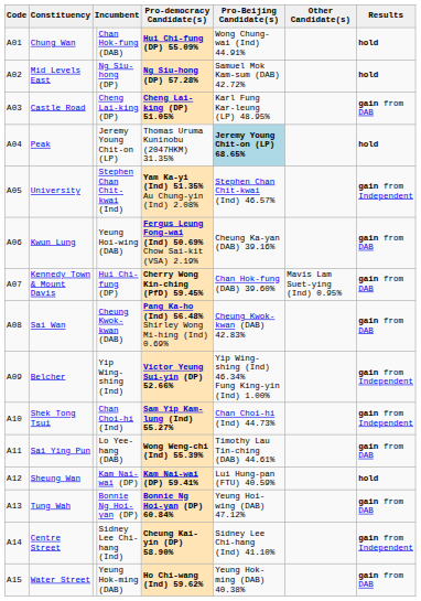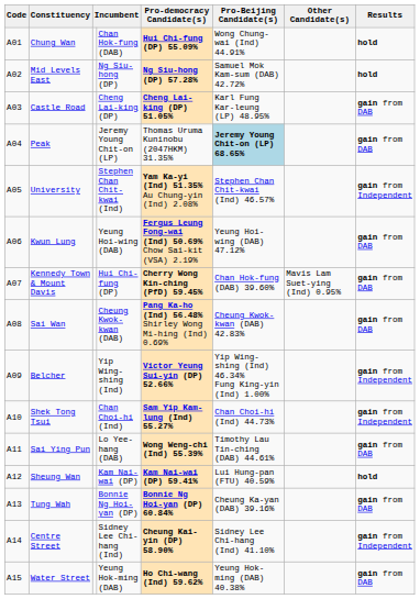 <table class="wikitable sortable" style="font-size: 95%;">
 <tr>
 <th align="center" style="background:#f0f0f0;" width="20px">Code</th>
 <th align="center" style="background:#f0f0f0;" width="90px">Constituency</th>
 <th align="center" style="background:#f0f0f0;" width="120px" colspan="2">Incumbent</th>
 <th align="center" style="background:#f0f0f0;" width="160px">Pro-democracy Candidate(s)</th>
 <th align="center" style="background:#f0f0f0;" width="160px">Pro-Beijing Candidate(s)</th>
 <th align="center" style="background:#f0f0f0;" width="160px">Other Candidate(s)</th>
 <th align="center" style="background:#f0f0f0;" width="100px" colspan="2">Results</th>
 </tr>
 <tr>
 <td>A01</td>
 <td><a href='#'>Chung Wan</a></td>
 <td></td>
 <td><a href='#'>Chan Hok-fung</a> (DAB)</td>
 <td style="background-color:Moccasin"><strong><a href='#'>Hui Chi-fung</a> (DP) 55.09%</strong></td>
 <td>Wong Chung-wai (Ind) 44.91%</td>
 <td></td>
 <td> <strong>hold</strong></td>
 </tr>
 <tr>
 <td>A02</td>
 <td><a href='#'>Mid Levels East</a></td>
 <td></td>
 <td><a href='#'>Ng Siu-hong</a> (DP)</td>
 <td style="background-color:Moccasin"><strong><a href='#'>Ng Siu-hong</a> (DP) 57.28%</strong></td>
 <td>Samuel Mok Kam-sum (DAB) 42.72%</td>
 <td></td>
 <td> <strong>hold</strong></td>
 </tr>
 <tr>
 <td>A03</td>
 <td><a href='#'>Castle Road</a></td>
 <td></td>
 <td><a href='#'>Cheng Lai-king</a> (DP)</td>
 <td style="background-color:Moccasin"><strong><a href='#'>Cheng Lai-king</a> (DP) 51.05%</strong></td>
 <td>Karl Fung Kar-leung (LP) 48.95%</td>
 <td></td>
 <td> <strong>gain</strong> from <a href='#'>DAB</a></td>
 </tr>
 <tr>
 <td>A04</td>
 <td><a href='#'>Peak</a></td>
 <td></td>
 <td>Jeremy Young Chit-on (LP)</td>
 <td>Thomas Uruma Kuninobu (2047HKM) 31.35%</td>
 <td style="background-color:LightBlue"><strong>Jeremy Young Chit-on (LP) 68.65%</strong></td>
 <td></td>
-<td> <strong>hold</strong></td>
+<td> <strong>gain</strong> from <a href='#'>DAB</a></td>
 </tr>
 <tr>
 <td>A05</td>
 <td><a href='#'>University</a></td>
 <td></td>
 <td><a href='#'>Stephen Chan Chit-kwai</a> (Ind)</td>
 <td style="background-color:Moccasin"><strong>Yam Ka-yi (Ind) 51.35%</strong><br>Au Chung-yin (Ind) 2.08%</td>
 <td><a href='#'>Stephen Chan Chit-kwai</a> (Ind) 46.57%</td>
 <td></td>
 <td> <strong>gain</strong> from <a href='#'>Independent</a></td>
 </tr>
 <tr>
 <td>A06</td>
 <td><a href='#'>Kwun Lung</a></td>
 <td></td>
 <td>Yeung Hoi-wing (DAB)</td>
 <td style="background-color:Moccasin"><strong><a href='#'>Fergus Leung Fong-wai</a> (Ind) 50.69%</strong><br>Chow Sai-kit (VSA) 2.19%</td>
-<td>Cheung Ka-yan (DAB) 39.16%</td>
+<td>Yeung Hoi-wing (DAB) 47.12%</td>
 <td></td>
 <td> <strong>gain</strong> from <a href='#'>DAB</a></td>
 </tr>
 <tr>
 <td>A07</td>
 <td><a href='#'>Kennedy Town & Mount Davis</a></td>
 <td></td>
 <td><a href='#'>Hui Chi-fung</a> (DP)</td>
 <td style="background-color:Moccasin"><strong>Cherry Wong Kin-ching (PfD) 59.45%</strong></td>
 <td><a href='#'>Chan Hok-fung</a> (DAB) 39.60%</td>
 <td>Mavis Lam Suet-ying (Ind) 0.95%</td>
 <td> <strong>gain</strong> from <a href='#'>DAB</a></td>
 </tr>
 <tr>
 <td>A08</td>
 <td><a href='#'>Sai Wan</a></td>
 <td></td>
 <td><a href='#'>Cheung Kwok-kwan</a> (DAB)</td>
 <td style="background-color:Moccasin"><strong><a href='#'>Pang Ka-ho</a> (Ind) 56.48%</strong><br>Shirley Wong Mi-hing (Ind) 0.69%</td>
 <td><a href='#'>Cheung Kwok-kwan</a> (DAB) 42.83%</td>
 <td></td>
 <td> <strong>gain</strong> from <a href='#'>DAB</a></td>
 </tr>
 <tr>
 <td>A09</td>
 <td><a href='#'>Belcher</a></td>
 <td></td>
 <td>Yip Wing-shing (Ind)</td>
 <td style="background-color:Moccasin"><strong><a href='#'>Victor Yeung Sui-yin</a> (DP) 52.66%</strong></td>
 <td>Yip Wing-shing (Ind) 46.34% <br>Fung King-yin (Ind) 1.00%</td>
 <td></td>
 <td> <strong>gain</strong> from <a href='#'>Independent</a></td>
 </tr>
 <tr>
 <td>A10</td>
 <td><a href='#'>Shek Tong Tsui</a></td>
 <td></td>
 <td><a href='#'>Chan Choi-hi</a> (Ind)</td>
 <td style="background-color:Moccasin"><strong><a href='#'>Sam Yip Kam-lung</a> (Ind) 55.27%</strong></td>
 <td><a href='#'>Chan Choi-hi</a> (Ind) 44.73%</td>
 <td></td>
 <td> <strong>gain</strong> from <a href='#'>Independent</a></td>
 </tr>
 <tr>
 <td>A11</td>
 <td><a href='#'>Sai Ying Pun</a></td>
 <td></td>
 <td>Lo Yee-hang (DAB)</td>
 <td style="background-color:Moccasin"><strong>Wong Weng-chi (Ind)</strong> <strong>55.39%</strong></td>
 <td>Timothy Lau Tin-ching (DAB) 44.61%</td>
 <td></td>
 <td> <strong>gain</strong> from <a href='#'>DAB</a></td>
 </tr>
 <tr>
 <td>A12</td>
 <td><a href='#'>Sheung Wan</a></td>
 <td></td>
 <td><a href='#'>Kam Nai-wai</a> (DP)</td>
 <td style="background-color:Moccasin"><strong><a href='#'>Kam Nai-wai</a> (DP) 59.41%</strong></td>
 <td>Lui Hung-pan (FTU) 40.59%</td>
 <td></td>
 <td> <strong>hold</strong></td>
 </tr>
 <tr>
 <td>A13</td>
 <td><a href='#'>Tung Wah</a></td>
 <td></td>
 <td><a href='#'>Bonnie Ng Hoi-yan</a> (DP)</td>
 <td style="background-color:Moccasin"><strong><a href='#'>Bonnie Ng Hoi-yan</a> (DP) 60.84%</strong></td>
-<td>Yeung Hoi-wing (DAB) 47.12%</td>
+<td>Cheung Ka-yan (DAB) 39.16%</td>
 <td></td>
 <td> <strong>gain</strong> from <a href='#'>DAB</a></td>
 </tr>
 <tr>
 <td>A14</td>
 <td><a href='#'>Centre Street</a></td>
 <td></td>
 <td>Sidney Lee Chi-hang (Ind)</td>
 <td style="background-color:Moccasin"><strong>Cheung Kai-yin (DP) 58.90%</strong></td>
 <td>Sidney Lee Chi-hang (Ind) 41.10%</td>
 <td></td>
 <td> <strong>gain</strong> from <a href='#'>Independent</a></td>
 </tr>
 <tr>
 <td>A15</td>
 <td><a href='#'>Water Street</a></td>
 <td></td>
 <td>Yeung Hok-ming (DAB)</td>
 <td style="background-color:Moccasin"><strong>Ho Chi-wang (Ind) 59.62%</strong></td>
 <td>Yeung Hok-ming (DAB) 40.38%</td>
 <td></td>
 <td> <strong>gain</strong> from <a href='#'>DAB</a></td>
 </tr>
 </table>
